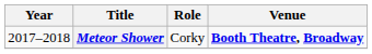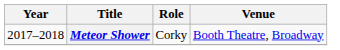 <table class="wikitable unsortable plainrowheaders">
 <tr>
 <th scope="col">Year</th>
 <th scope="col">Title</th>
 <th scope="col">Role</th>
 <th scope="col" class="wikitable sortable">Venue</th>
 </tr>
 <tr>
 <td>2017–2018</td>
 <th scope="row"><em><a href='#'>Meteor Shower</a></em></th>
 <td>Corky</td>
-<td><strong><a href='#'>Booth Theatre</a>, <a href='#'>Broadway</a></strong></td>
+<td><a href='#'>Booth Theatre</a>, <a href='#'>Broadway</a></td>
 </tr>
 <tr>
 </tr>
 </table>
